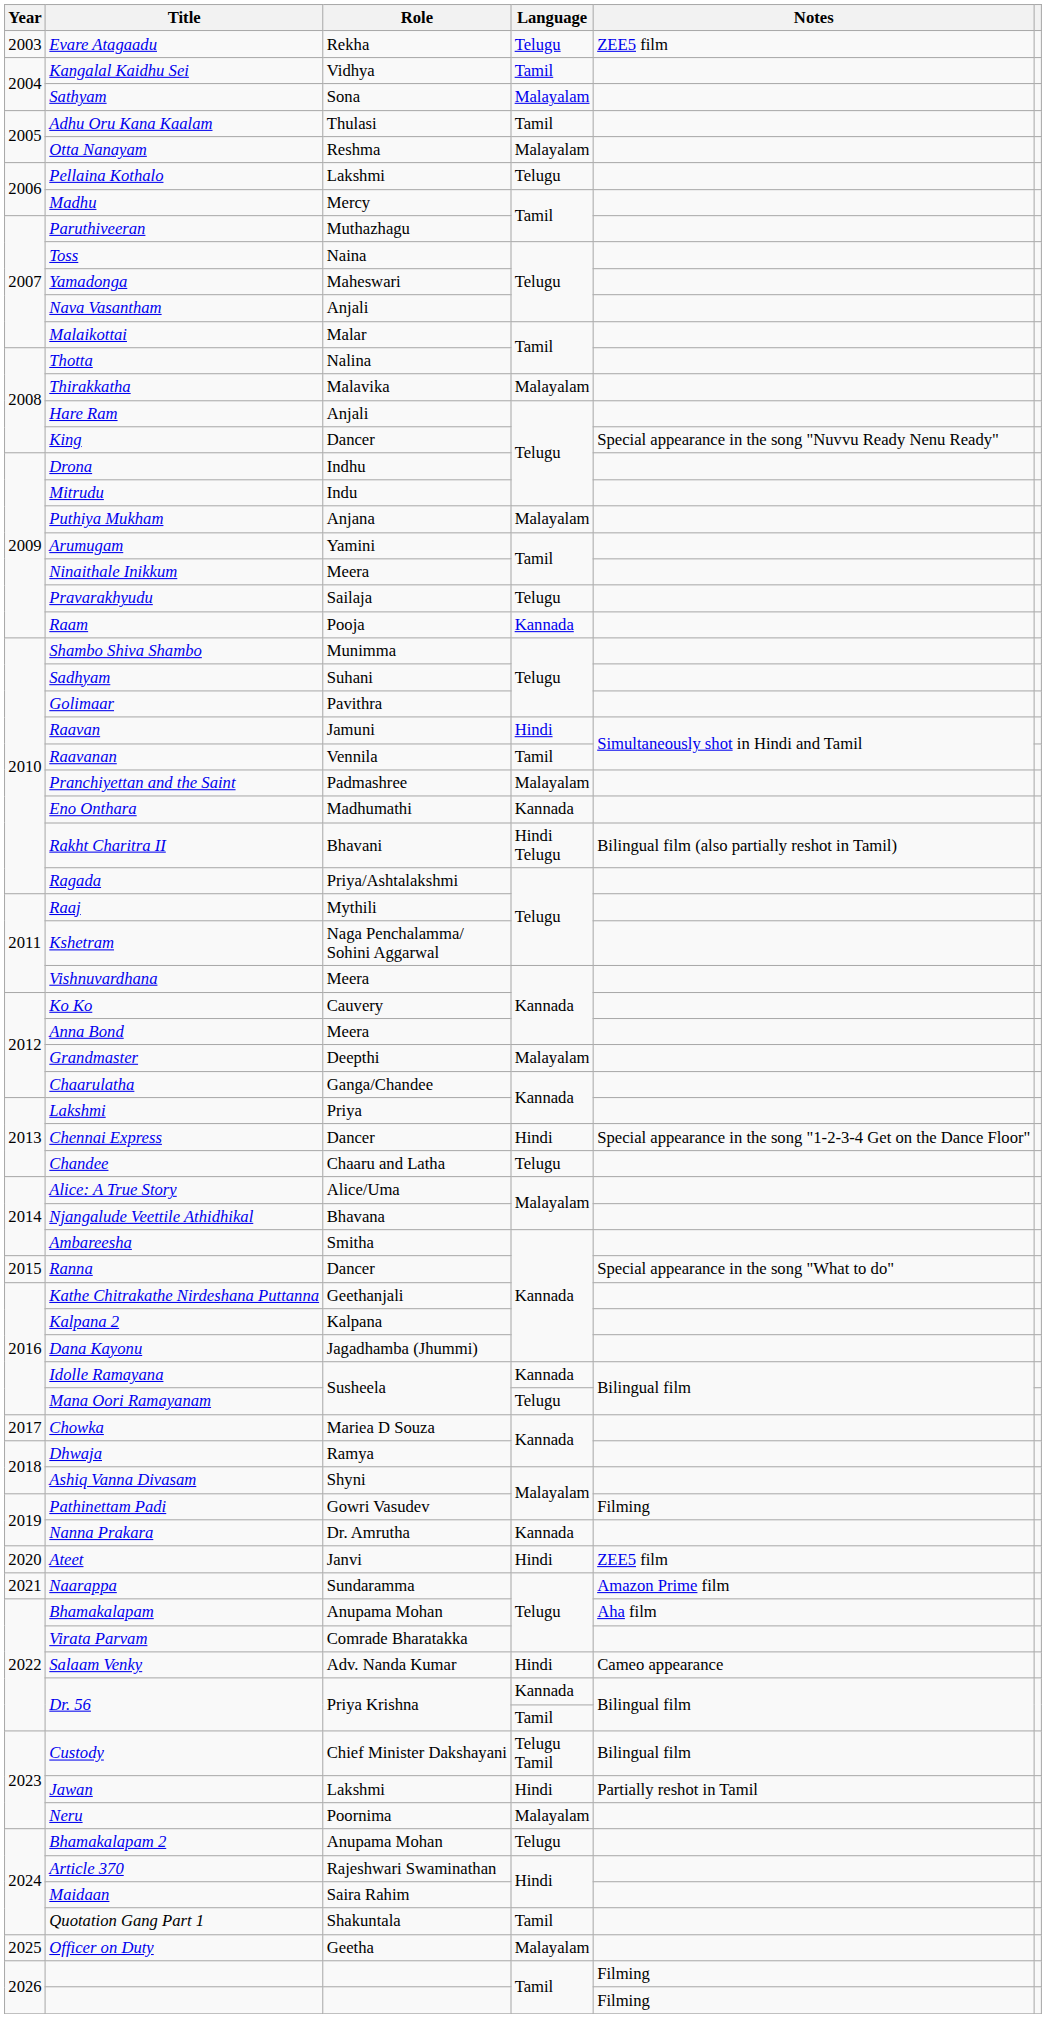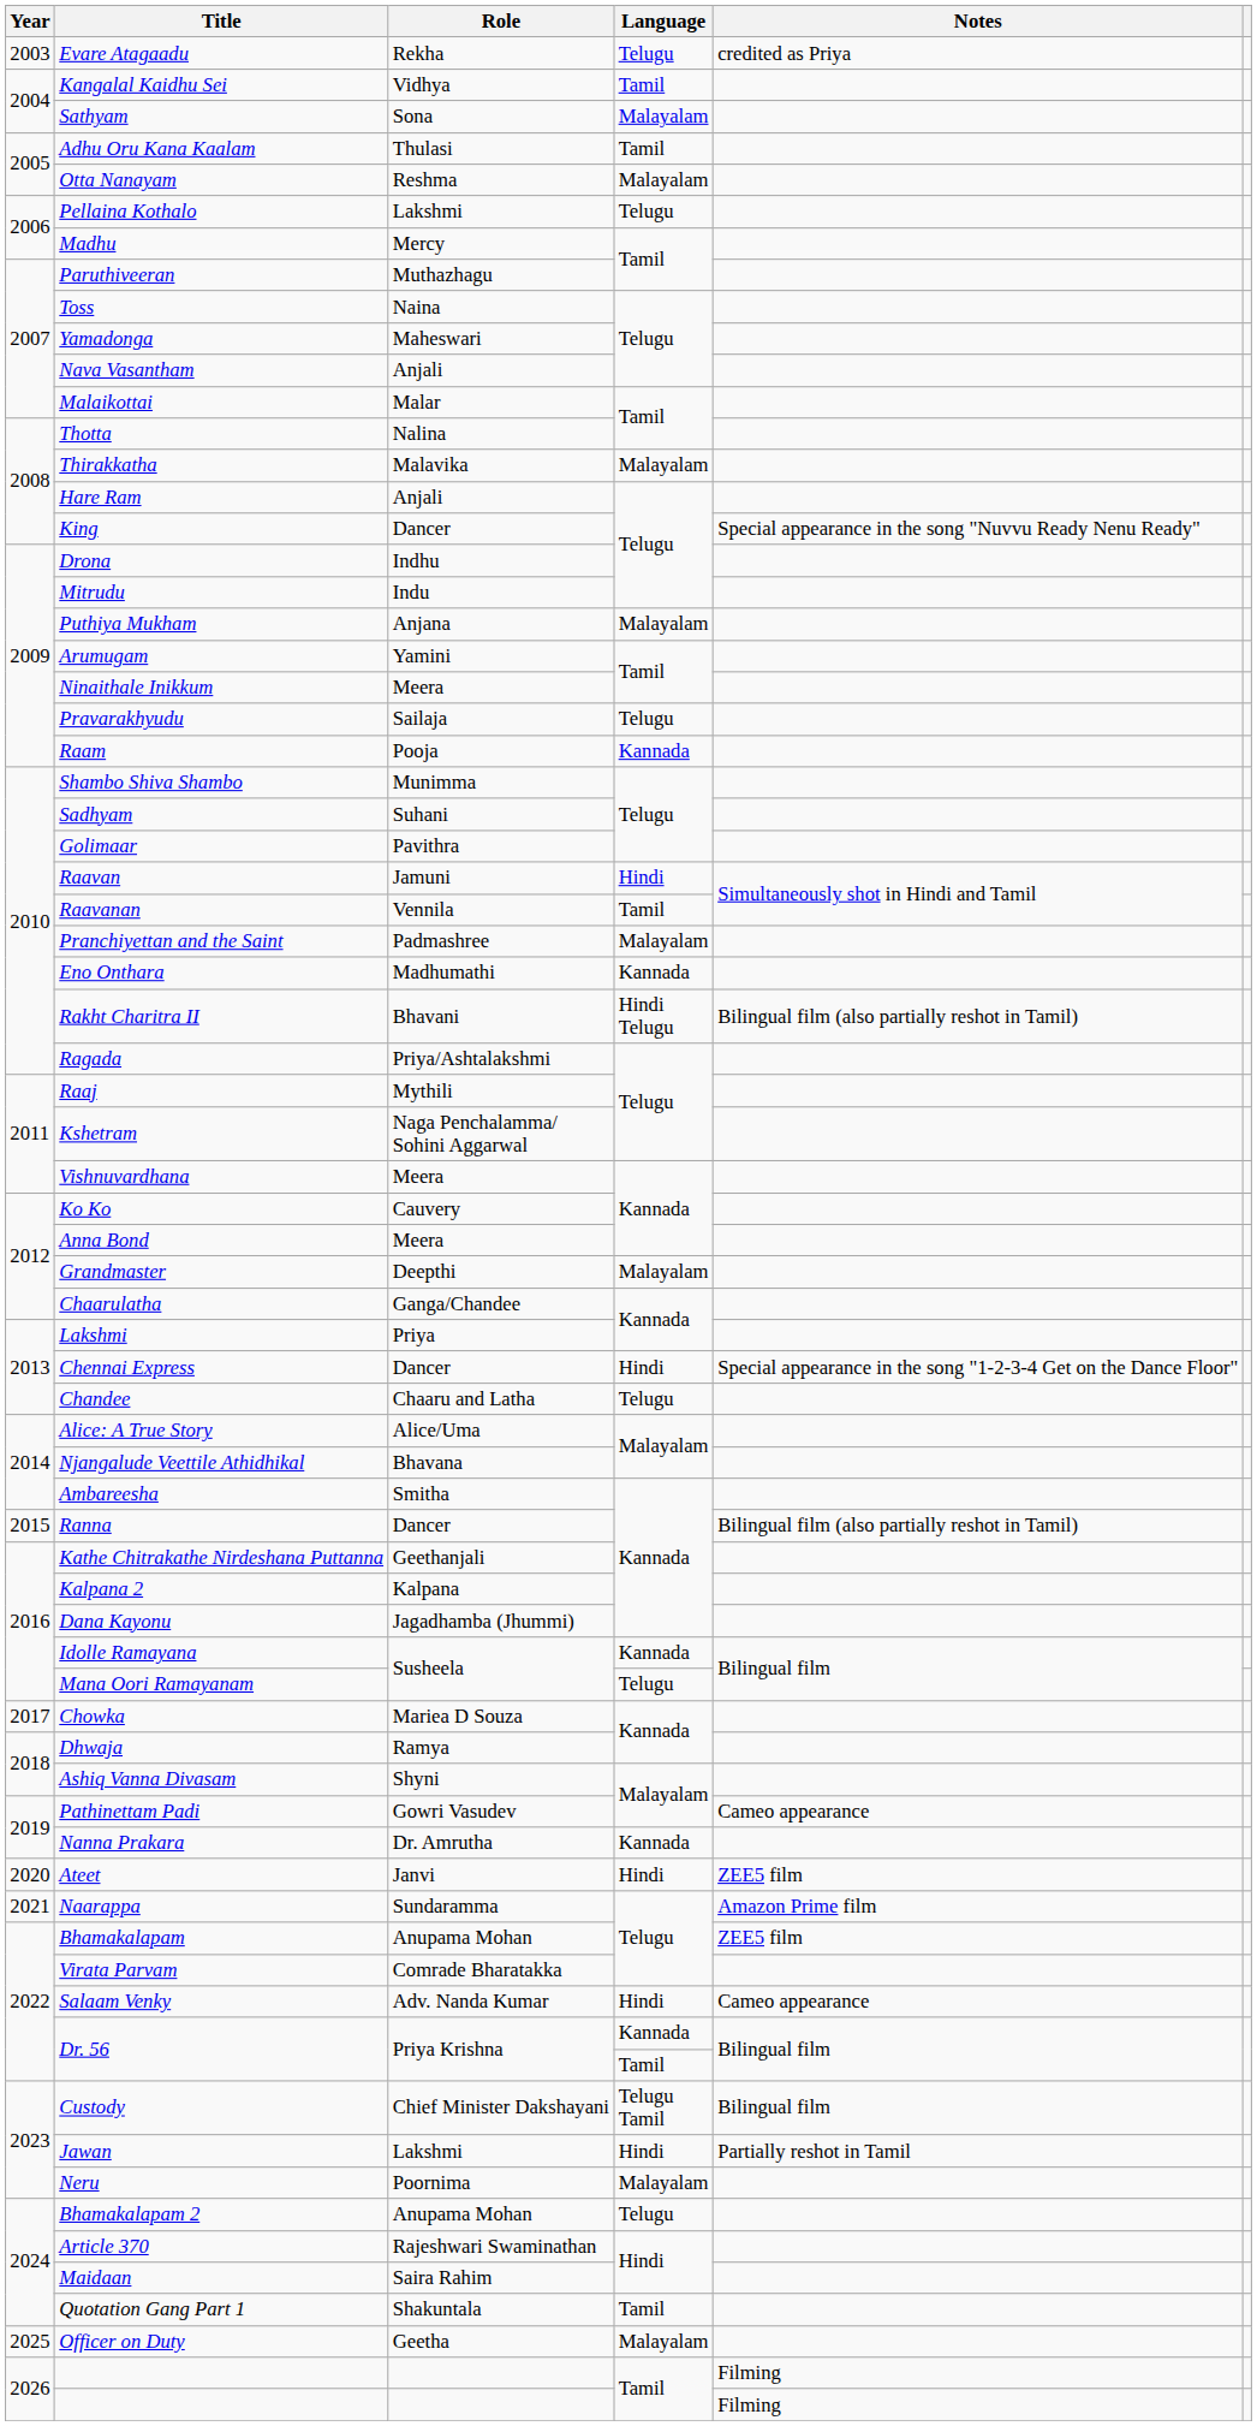 <table class="wikitable plainrowheaders sortable">
 <tr>
 <th scope="col">Year</th>
 <th scope="col">Title</th>
 <th scope="col">Role</th>
 <th scope="col">Language</th>
 <th scope="col" class="unsortable">Notes</th>
 <th scope="col" class="unsortable"></th>
 </tr>
 <tr>
 <td>2003</td>
 <td><em><a href='#'>Evare Atagaadu</a></em></td>
 <td>Rekha</td>
 <td><a href='#'>Telugu</a></td>
-<td><a href='#'>ZEE5</a> film</td>
+<td>credited as Priya</td>
 <td></td>
 </tr>
 <tr>
 <td rowspan="2">2004</td>
 <td><em><a href='#'>Kangalal Kaidhu Sei</a></em></td>
 <td>Vidhya</td>
 <td><a href='#'>Tamil</a></td>
 <td></td>
 <td></td>
 </tr>
 <tr>
 <td><em><a href='#'>Sathyam</a></em></td>
 <td>Sona</td>
 <td><a href='#'>Malayalam</a></td>
 <td></td>
 <td></td>
 </tr>
 <tr>
 <td rowspan=2>2005</td>
 <td><em><a href='#'>Adhu Oru Kana Kaalam</a></em></td>
 <td>Thulasi</td>
 <td>Tamil</td>
 <td></td>
 <td></td>
 </tr>
 <tr>
 <td><em><a href='#'>Otta Nanayam</a></em></td>
 <td>Reshma</td>
 <td>Malayalam</td>
 <td></td>
 <td></td>
 </tr>
 <tr>
 <td rowspan=2>2006</td>
 <td><em><a href='#'>Pellaina Kothalo</a></em></td>
 <td>Lakshmi</td>
 <td>Telugu</td>
 <td></td>
 <td></td>
 </tr>
 <tr>
 <td><em><a href='#'>Madhu</a></em></td>
 <td>Mercy</td>
 <td rowspan="2">Tamil</td>
 <td></td>
 <td></td>
 </tr>
 <tr>
 <td rowspan=5>2007</td>
 <td><em><a href='#'>Paruthiveeran</a></em></td>
 <td>Muthazhagu</td>
 <td></td>
 <td></td>
 </tr>
 <tr>
 <td><em><a href='#'>Toss</a></em></td>
 <td>Naina</td>
 <td rowspan="3">Telugu</td>
 <td></td>
 <td></td>
 </tr>
 <tr>
 <td><em><a href='#'>Yamadonga</a></em></td>
 <td>Maheswari</td>
 <td></td>
 <td></td>
 </tr>
 <tr>
 <td><em><a href='#'>Nava Vasantham</a></em></td>
 <td>Anjali</td>
 <td></td>
 <td></td>
 </tr>
 <tr>
 <td><em><a href='#'>Malaikottai</a></em></td>
 <td>Malar</td>
 <td rowspan="2">Tamil</td>
 <td></td>
 <td></td>
 </tr>
 <tr>
 <td rowspan=4>2008</td>
 <td><em><a href='#'>Thotta</a></em></td>
 <td>Nalina</td>
 <td></td>
 <td></td>
 </tr>
 <tr>
 <td><em><a href='#'>Thirakkatha</a></em></td>
 <td>Malavika</td>
 <td>Malayalam</td>
 <td></td>
 <td></td>
 </tr>
 <tr>
 <td><em><a href='#'>Hare Ram</a></em></td>
 <td>Anjali</td>
 <td rowspan="4">Telugu</td>
 <td></td>
 <td></td>
 </tr>
 <tr>
 <td><em><a href='#'>King</a></em></td>
 <td>Dancer</td>
 <td>Special appearance in the song "Nuvvu Ready Nenu Ready"</td>
 <td></td>
 </tr>
 <tr>
 <td rowspan=7>2009</td>
 <td><em><a href='#'>Drona</a></em></td>
 <td>Indhu</td>
 <td></td>
 <td></td>
 </tr>
 <tr>
 <td><em><a href='#'>Mitrudu</a></em></td>
 <td>Indu</td>
 <td></td>
 <td></td>
 </tr>
 <tr>
 <td><em><a href='#'>Puthiya Mukham</a></em></td>
 <td>Anjana</td>
 <td>Malayalam</td>
 <td></td>
 <td></td>
 </tr>
 <tr>
 <td><em><a href='#'>Arumugam</a></em></td>
 <td>Yamini</td>
 <td rowspan="2">Tamil</td>
 <td></td>
 <td></td>
 </tr>
 <tr>
 <td><em><a href='#'>Ninaithale Inikkum</a></em></td>
 <td>Meera</td>
 <td></td>
 <td></td>
 </tr>
 <tr>
 <td><em><a href='#'>Pravarakhyudu</a></em></td>
 <td>Sailaja</td>
 <td>Telugu</td>
 <td></td>
 <td></td>
 </tr>
 <tr>
 <td><em><a href='#'>Raam</a></em></td>
 <td>Pooja</td>
 <td><a href='#'>Kannada</a></td>
 <td></td>
 <td></td>
 </tr>
 <tr>
 <td rowspan="9">2010</td>
 <td><em><a href='#'>Shambo Shiva Shambo</a></em></td>
 <td>Munimma</td>
 <td rowspan="3">Telugu</td>
 <td></td>
 <td></td>
 </tr>
 <tr>
 <td><em><a href='#'>Sadhyam</a></em></td>
 <td>Suhani</td>
 <td></td>
 <td></td>
 </tr>
 <tr>
 <td><em><a href='#'>Golimaar</a></em></td>
 <td>Pavithra</td>
 <td></td>
 <td></td>
 </tr>
 <tr>
 <td><em><a href='#'>Raavan</a></em></td>
 <td>Jamuni</td>
 <td><a href='#'>Hindi</a></td>
 <td rowspan="2"><a href='#'>Simultaneously shot</a> in Hindi and Tamil</td>
 <td></td>
 </tr>
 <tr>
 <td><em><a href='#'>Raavanan</a></em></td>
 <td>Vennila</td>
 <td>Tamil</td>
 <td></td>
 </tr>
 <tr>
 <td><em><a href='#'>Pranchiyettan and the Saint</a></em></td>
 <td>Padmashree</td>
 <td>Malayalam</td>
 <td></td>
 <td></td>
 </tr>
 <tr>
 <td><em><a href='#'>Eno Onthara</a></em></td>
 <td>Madhumathi</td>
 <td>Kannada</td>
 <td></td>
 <td></td>
 </tr>
 <tr>
 <td><em><a href='#'>Rakht Charitra II</a></em></td>
 <td>Bhavani</td>
 <td>Hindi<br>Telugu</td>
 <td>Bilingual film (also partially reshot in Tamil)</td>
 <td></td>
 </tr>
 <tr>
 <td><em><a href='#'>Ragada</a></em></td>
 <td>Priya/Ashtalakshmi</td>
 <td rowspan="3">Telugu</td>
 <td></td>
 <td></td>
 </tr>
 <tr>
 <td rowspan="3">2011</td>
 <td><em><a href='#'>Raaj</a></em></td>
 <td>Mythili</td>
 <td></td>
 <td></td>
 </tr>
 <tr>
 <td><em><a href='#'>Kshetram</a></em></td>
 <td>Naga Penchalamma/<br>Sohini Aggarwal</td>
 <td></td>
 <td></td>
 </tr>
 <tr>
 <td><em><a href='#'>Vishnuvardhana</a></em></td>
 <td>Meera</td>
 <td rowspan="3">Kannada</td>
 <td></td>
 <td></td>
 </tr>
 <tr>
 <td rowspan="4”">2012</td>
 <td><em><a href='#'>Ko Ko</a></em></td>
 <td>Cauvery</td>
 <td></td>
 <td></td>
 </tr>
 <tr>
 <td><em><a href='#'>Anna Bond</a></em></td>
 <td>Meera</td>
 <td></td>
 <td></td>
 </tr>
 <tr>
 <td><em><a href='#'>Grandmaster</a></em></td>
 <td>Deepthi</td>
 <td>Malayalam</td>
 <td></td>
 <td></td>
 </tr>
 <tr>
 <td><em><a href='#'>Chaarulatha</a></em></td>
 <td>Ganga/Chandee</td>
 <td rowspan="2">Kannada</td>
 <td></td>
 <td></td>
 </tr>
 <tr>
 <td rowspan="3">2013</td>
 <td><em><a href='#'>Lakshmi</a></em></td>
 <td>Priya</td>
 <td></td>
 <td></td>
 </tr>
 <tr>
 <td><em><a href='#'>Chennai Express</a></em></td>
 <td>Dancer</td>
 <td>Hindi</td>
 <td>Special appearance in the song "1-2-3-4 Get on the Dance Floor"</td>
 <td></td>
 </tr>
 <tr>
 <td><em><a href='#'>Chandee</a></em></td>
 <td>Chaaru and Latha</td>
 <td>Telugu</td>
 <td></td>
 <td></td>
 </tr>
 <tr>
 <td rowspan=3>2014</td>
 <td><em><a href='#'>Alice: A True Story</a></em></td>
 <td>Alice/Uma</td>
 <td rowspan="2">Malayalam</td>
 <td></td>
 <td></td>
 </tr>
 <tr>
 <td><em><a href='#'>Njangalude Veettile Athidhikal</a></em></td>
 <td>Bhavana</td>
 <td></td>
 <td></td>
 </tr>
 <tr>
 <td><em><a href='#'>Ambareesha</a></em></td>
 <td>Smitha</td>
 <td rowspan="5">Kannada</td>
 <td></td>
 <td></td>
 </tr>
 <tr>
 <td>2015</td>
 <td><em><a href='#'>Ranna</a></em></td>
 <td>Dancer</td>
-<td>Special appearance in the song "What to do"</td>
+<td>Bilingual film (also partially reshot in Tamil)</td>
 <td></td>
 </tr>
 <tr>
 <td rowspan="5">2016</td>
 <td><em><a href='#'>Kathe Chitrakathe Nirdeshana Puttanna</a></em></td>
 <td>Geethanjali</td>
 <td></td>
 <td></td>
 </tr>
 <tr>
 <td><em><a href='#'>Kalpana 2</a></em></td>
 <td>Kalpana</td>
 <td></td>
 <td></td>
 </tr>
 <tr>
 <td><em><a href='#'>Dana Kayonu</a></em></td>
 <td>Jagadhamba (Jhummi)</td>
 <td></td>
 <td></td>
 </tr>
 <tr>
 <td><em><a href='#'>Idolle Ramayana</a></em></td>
 <td rowspan="2">Susheela</td>
 <td>Kannada</td>
 <td rowspan="2">Bilingual film</td>
 <td></td>
 </tr>
 <tr>
 <td><em><a href='#'>Mana Oori Ramayanam</a></em></td>
 <td>Telugu</td>
 <td></td>
 </tr>
 <tr>
 <td>2017</td>
 <td><em><a href='#'>Chowka</a></em></td>
 <td>Mariea D Souza</td>
 <td rowspan="2">Kannada</td>
 <td></td>
 <td></td>
 </tr>
 <tr>
 <td rowspan="2">2018</td>
 <td><em><a href='#'>Dhwaja</a></em></td>
 <td>Ramya</td>
 <td></td>
 <td></td>
 </tr>
 <tr>
 <td><em><a href='#'>Ashiq Vanna Divasam</a></em></td>
 <td>Shyni</td>
 <td rowspan="2">Malayalam</td>
 <td></td>
 <td></td>
 </tr>
 <tr>
 <td rowspan="2">2019</td>
 <td><em><a href='#'>Pathinettam Padi</a></em></td>
 <td>Gowri Vasudev</td>
-<td>Filming</td>
+<td>Cameo appearance</td>
 <td></td>
 </tr>
 <tr>
 <td><em><a href='#'>Nanna Prakara</a></em></td>
 <td>Dr. Amrutha</td>
 <td>Kannada</td>
 <td></td>
 <td></td>
 </tr>
 <tr>
 <td>2020</td>
 <td><em><a href='#'>Ateet</a></em></td>
 <td>Janvi</td>
 <td>Hindi</td>
 <td><a href='#'>ZEE5</a> film</td>
 <td></td>
 </tr>
 <tr>
 <td>2021</td>
 <td><em><a href='#'>Naarappa</a></em></td>
 <td>Sundaramma</td>
 <td rowspan="3">Telugu</td>
 <td><a href='#'>Amazon Prime</a> film</td>
 <td></td>
 </tr>
 <tr>
 <td rowspan="5">2022</td>
 <td><em><a href='#'>Bhamakalapam</a></em></td>
 <td>Anupama Mohan</td>
-<td><a href='#'>Aha</a> film</td>
+<td><a href='#'>ZEE5</a> film</td>
 <td></td>
 </tr>
 <tr>
 <td><em><a href='#'>Virata Parvam</a></em></td>
 <td>Comrade Bharatakka</td>
 <td></td>
 <td></td>
 </tr>
 <tr>
 <td><em><a href='#'>Salaam Venky</a></em></td>
 <td>Adv. Nanda Kumar</td>
 <td>Hindi</td>
 <td>Cameo appearance</td>
 <td></td>
 </tr>
 <tr>
 <td rowspan="2"><em><a href='#'>Dr. 56</a></em></td>
 <td rowspan="2">Priya Krishna</td>
 <td>Kannada</td>
 <td rowspan="2">Bilingual film</td>
 <td rowspan="2"></td>
 </tr>
 <tr>
 <td>Tamil</td>
 </tr>
 <tr>
 <td rowspan="3">2023</td>
 <td><em><a href='#'>Custody</a></em></td>
 <td>Chief Minister Dakshayani</td>
 <td>Telugu<br>Tamil</td>
 <td>Bilingual film</td>
 <td></td>
 </tr>
 <tr>
 <td><em><a href='#'>Jawan</a></em></td>
 <td>Lakshmi</td>
 <td>Hindi</td>
 <td>Partially reshot in Tamil</td>
 <td></td>
 </tr>
 <tr>
 <td><em><a href='#'>Neru</a></em></td>
 <td>Poornima</td>
 <td>Malayalam</td>
 <td></td>
 <td></td>
 </tr>
 <tr>
 <td rowspan=4>2024</td>
 <td><em><a href='#'>Bhamakalapam 2</a></em></td>
 <td>Anupama Mohan</td>
 <td>Telugu</td>
 <td></td>
 <td></td>
 </tr>
 <tr>
 <td><a href='#'><em>Article 370</em></a></td>
 <td>Rajeshwari Swaminathan</td>
 <td rowspan="2">Hindi</td>
 <td></td>
 <td></td>
 </tr>
 <tr>
 <td><em><a href='#'>Maidaan</a></em></td>
 <td>Saira Rahim</td>
 <td></td>
 <td></td>
 </tr>
 <tr>
 <td><em>Quotation Gang Part 1</em></td>
 <td>Shakuntala</td>
 <td>Tamil</td>
 <td></td>
 <td></td>
 </tr>
 <tr>
 <td>2025</td>
 <td><em><a href='#'>Officer on Duty</a></em></td>
 <td>Geetha</td>
 <td>Malayalam</td>
 <td></td>
 <td></td>
 </tr>
 <tr>
 <td rowspan="2">2026</td>
 <td></td>
 <td></td>
 <td rowspan="2">Tamil</td>
 <td>Filming</td>
 <td></td>
 </tr>
 <tr>
 <td></td>
 <td></td>
 <td>Filming</td>
 <td></td>
 </tr>
 </table>
